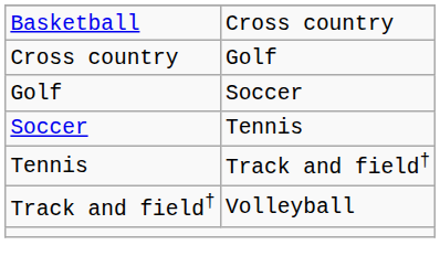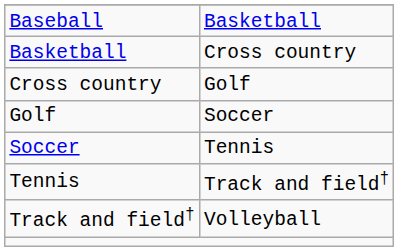 <table class="wikitable" style= " ">
 <tr>
+</tr>
+<tr>
+<td><a href='#'>Baseball</a></td>
+<td><a href='#'>Basketball</a></td>
 </tr>
 <tr>
 <td><a href='#'>Basketball</a></td>
 <td>Cross country</td>
 </tr>
 <tr>
 <td>Cross country</td>
 <td>Golf</td>
 </tr>
 <tr>
 <td>Golf</td>
 <td>Soccer</td>
 </tr>
 <tr>
 <td><a href='#'>Soccer</a></td>
 <td>Tennis</td>
 </tr>
 <tr>
 <td>Tennis</td>
 <td>Track and field<sup>†</sup></td>
 </tr>
 <tr>
 <td>Track and field<sup>†</sup></td>
 <td>Volleyball</td>
 </tr>
 <tr>
 <td colspan="2"></td>
 </tr>
 </table>
